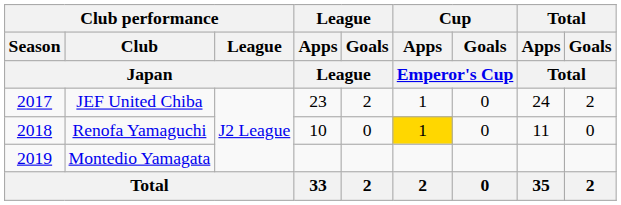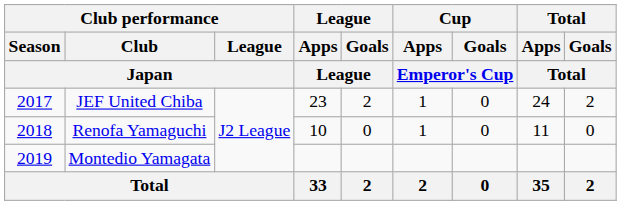 <table class="wikitable" style="text-align:center;">
 <tr>
 <th colspan=3>Club performance</th>
 <th colspan=2>League</th>
 <th colspan=2>Cup</th>
 <th colspan=2>Total</th>
 </tr>
 <tr>
 <th>Season</th>
 <th>Club</th>
 <th>League</th>
 <th>Apps</th>
 <th>Goals</th>
 <th>Apps</th>
 <th>Goals</th>
 <th>Apps</th>
 <th>Goals</th>
 </tr>
 <tr>
 <th colspan=3>Japan</th>
 <th colspan=2>League</th>
 <th colspan=2><a href='#'>Emperor's Cup</a></th>
 <th colspan=2>Total</th>
 </tr>
 <tr>
 <td><a href='#'>2017</a></td>
 <td><a href='#'>JEF United Chiba</a></td>
 <td rowspan="3"><a href='#'>J2 League</a></td>
 <td>23</td>
 <td>2</td>
 <td>1</td>
 <td>0</td>
 <td>24</td>
 <td>2</td>
 </tr>
 <tr>
 <td><a href='#'>2018</a></td>
 <td><a href='#'>Renofa Yamaguchi</a></td>
 <td>10</td>
 <td>0</td>
-<td style="background: gold;">1</td>
+<td>1</td>
 <td>0</td>
 <td>11</td>
 <td>0</td>
 </tr>
 <tr>
 <td><a href='#'>2019</a></td>
 <td><a href='#'>Montedio Yamagata</a></td>
 <td></td>
 <td></td>
 <td></td>
 <td></td>
 <td></td>
 <td></td>
 </tr>
 <tr>
 <th colspan=3>Total</th>
 <th>33</th>
 <th>2</th>
 <th>2</th>
 <th>0</th>
 <th>35</th>
 <th>2</th>
 </tr>
 </table>
